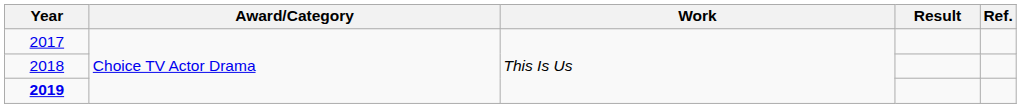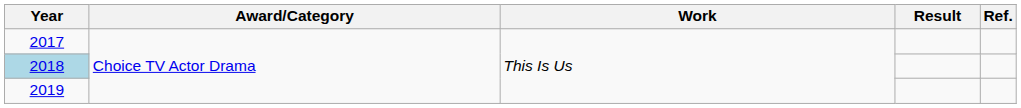 <table class=wikitable>
 <tr>
 <th scope="col" style="width:5em;">Year</th>
 <th scope="col" style="width:26em;">Award/Category</th>
 <th scope="col" style="width:25em;">Work</th>
 <th scope="col" style="width:5em;">Result</th>
 <th>Ref.</th>
 </tr>
 <tr>
 <td style="text-align:center;"><a href='#'>2017</a></td>
 <td rowspan="3"><a href='#'>Choice TV Actor Drama</a></td>
 <td rowspan="3"><em>This Is Us</em></td>
 <td></td>
 <td></td>
 </tr>
 <tr>
-<td style="text-align:center;"><a href='#'>2018</a></td>
+<td style="background: lightblue; text-align:center;"><a href='#'>2018</a></td>
 <td></td>
 <td></td>
 </tr>
 <tr>
-<td style="text-align:center;"><strong><a href='#'>2019</a></strong></td>
+<td style="text-align:center;"><a href='#'>2019</a></td>
 <td></td>
 <td></td>
 </tr>
 </table>
